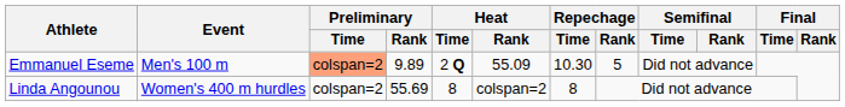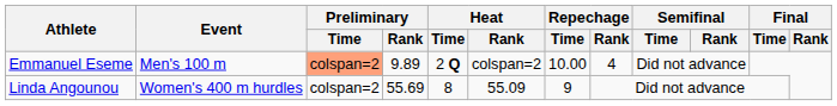 <table class="wikitable" style="font-size:90%">
 <tr>
 <th rowspan=2>Athlete</th>
 <th rowspan=2>Event</th>
 <th colspan=2>Preliminary</th>
 <th colspan=2>Heat</th>
 <th colspan=2>Repechage</th>
 <th colspan=2>Semifinal</th>
 <th colspan=2>Final</th>
 </tr>
 <tr style=font-size:95%>
 <th>Time</th>
 <th>Rank</th>
 <th>Time</th>
 <th>Rank</th>
 <th>Time</th>
 <th>Rank</th>
 <th>Time</th>
 <th>Rank</th>
 <th>Time</th>
 <th>Rank</th>
 </tr>
 <tr align=center>
 <td align=left><a href='#'>Emmanuel Eseme</a></td>
 <td align=left><a href='#'>Men's 100 m</a></td>
 <td style="background: lightsalmon;">colspan=2 </td>
 <td>9.89 </td>
 <td>2 <strong>Q</strong></td>
-<td>55.09 </td>
-<td>10.30</td>
-<td>5</td>
+<td>colspan=2 </td>
+<td>10.00</td>
+<td>4</td>
 <td colspan=2>Did not advance</td>
 </tr>
 <tr align=center>
 <td align=left><a href='#'>Linda Angounou</a></td>
 <td align=left><a href='#'>Women's 400 m hurdles</a></td>
 <td>colspan=2 </td>
 <td>55.69 </td>
 <td>8</td>
-<td>colspan=2 </td>
-<td>8</td>
+<td>55.09 </td>
+<td>9</td>
 <td colspan=4>Did not advance</td>
 </tr>
 </table>
